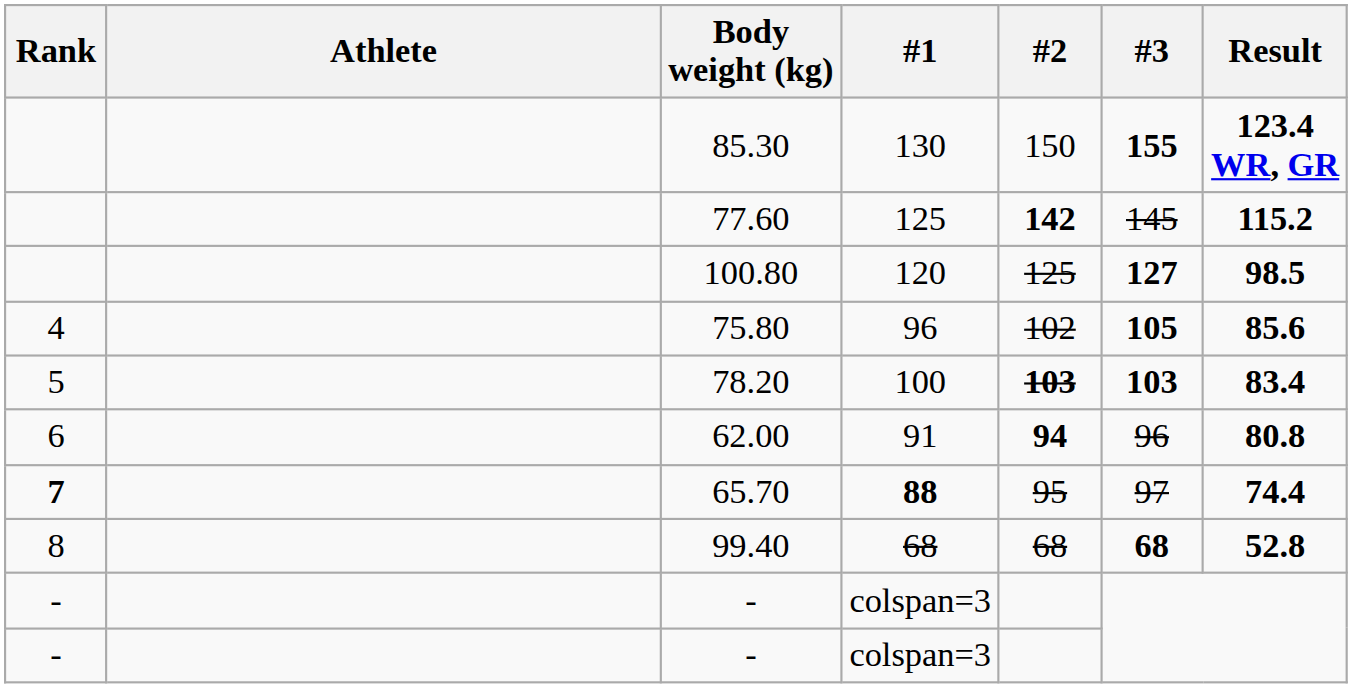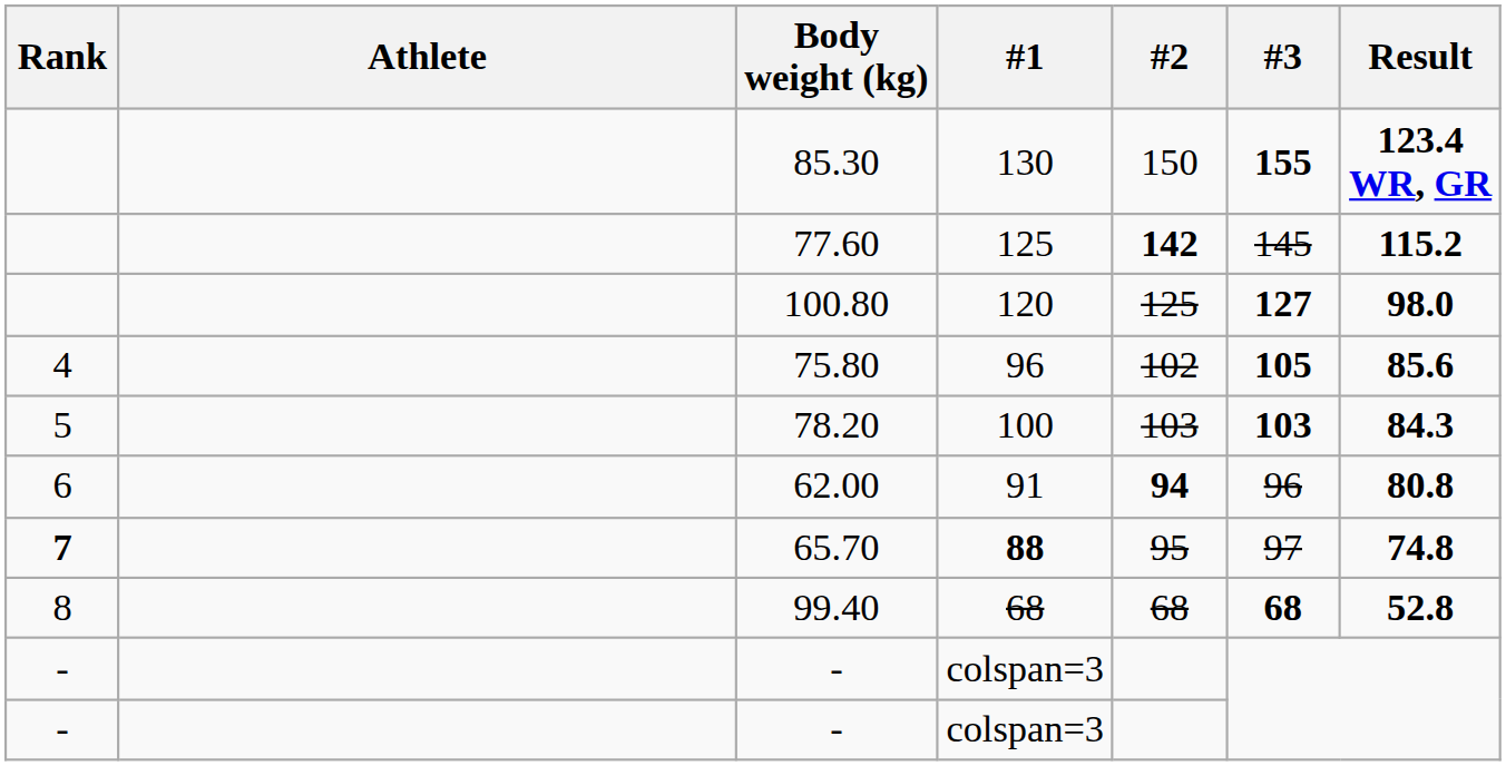 <table class = "wikitable sortable" style="text-align:center;">
 <tr>
 <th width=40>Rank</th>
 <th width=250>Athlete</th>
 <th>Body<br>weight (kg)</th>
 <th width=40 class="unsortable">#1</th>
 <th width=40 class="unsortable">#2</th>
 <th width=40 class="unsortable">#3</th>
 <th width=60>Result</th>
 </tr>
 <tr>
 <td></td>
 <td align=left></td>
 <td>85.30</td>
 <td>130</td>
 <td>150</td>
 <td><strong>155</strong></td>
 <td><strong>123.4 <br><a href='#'>WR</a>, <a href='#'>GR</a><br></strong></td>
 </tr>
 <tr>
 <td></td>
 <td align=left></td>
 <td>77.60</td>
 <td>125</td>
 <td><strong>142</strong></td>
 <td><s>145</s></td>
 <td><strong>115.2</strong></td>
 </tr>
 <tr>
 <td></td>
 <td align=left></td>
 <td>100.80</td>
 <td>120</td>
 <td><s>125</s></td>
 <td><strong>127</strong></td>
-<td><strong>98.5</strong></td>
+<td><strong>98.0</strong></td>
 </tr>
 <tr>
 <td>4</td>
 <td align=left></td>
 <td>75.80</td>
 <td>96</td>
 <td><s>102</s></td>
 <td><strong>105</strong></td>
 <td><strong>85.6</strong></td>
 </tr>
 <tr>
 <td>5</td>
 <td align=left></td>
 <td>78.20</td>
 <td>100</td>
-<td><strong><s>103</s></strong></td>
+<td><s>103</s></td>
 <td><strong>103</strong></td>
-<td><strong>83.4</strong></td>
+<td><strong>84.3</strong></td>
 </tr>
 <tr>
 <td>6</td>
 <td align=left></td>
 <td>62.00</td>
 <td>91</td>
 <td><strong>94</strong></td>
 <td><s>96</s></td>
 <td><strong>80.8</strong></td>
 </tr>
 <tr>
 <td><strong>7</strong></td>
 <td align=left></td>
 <td>65.70</td>
 <td><strong>88</strong></td>
 <td><s>95</s></td>
 <td><s>97</s></td>
-<td><strong>74.4</strong></td>
+<td><strong>74.8</strong></td>
 </tr>
 <tr>
 <td>8</td>
 <td align=left></td>
 <td>99.40</td>
 <td><s>68</s></td>
 <td><s>68</s></td>
 <td><strong>68</strong></td>
 <td><strong>52.8</strong></td>
 </tr>
 <tr>
 <td>-</td>
 <td align="left"></td>
 <td>-</td>
 <td>colspan=3 </td>
 <td><strong></strong></td>
 </tr>
 <tr>
 <td>-</td>
 <td align="left"></td>
 <td>-</td>
 <td>colspan=3 </td>
 <td><strong></strong></td>
 </tr>
 </table>
